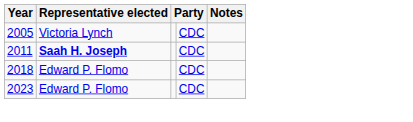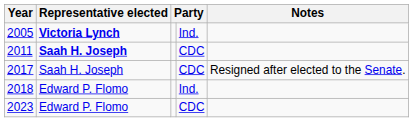 <table class="wikitable">
 <tr>
 <th>Year</th>
 <th>Representative elected</th>
 <th colspan=2>Party</th>
 <th>Notes</th>
 </tr>
 <tr>
 <td><a href='#'>2005</a></td>
-<td><a href='#'>Victoria Lynch</a></td>
+<td><strong><a href='#'>Victoria Lynch</a></strong></td>
 <td></td>
-<td><a href='#'>CDC</a></td>
+<td><a href='#'>Ind.</a></td>
 <td></td>
 </tr>
 <tr>
 <td><a href='#'>2011</a></td>
 <td><strong><a href='#'>Saah H. Joseph</a></strong></td>
 <td></td>
 <td><a href='#'>CDC</a></td>
 <td></td>
 </tr>
 <tr>
+<td><a href='#'>2017</a></td>
+<td><a href='#'>Saah H. Joseph</a></td>
+<td></td>
+<td><a href='#'>CDC</a></td>
+<td>Resigned after elected to the <a href='#'>Senate</a>.</td>
+</tr>
+<tr>
 <td><a href='#'>2018</a></td>
 <td><a href='#'>Edward P. Flomo</a></td>
 <td></td>
-<td><a href='#'>CDC</a></td>
+<td><a href='#'>Ind.</a></td>
 <td></td>
 </tr>
 <tr>
 <td><a href='#'>2023</a></td>
 <td><a href='#'>Edward P. Flomo</a></td>
 <td></td>
 <td><a href='#'>CDC</a></td>
 <td></td>
 </tr>
 </table>
